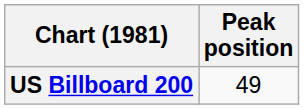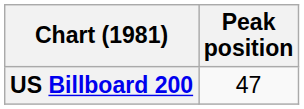 <table class="wikitable sortable plainrowheaders">
 <tr>
 <th>Chart (1981)</th>
 <th>Peak<br>position</th>
 </tr>
 <tr>
 <th scope="row">US <a href='#'>Billboard 200</a></th>
-<td align="center">49</td>
+<td align="center">47</td>
 </tr>
 </table>
